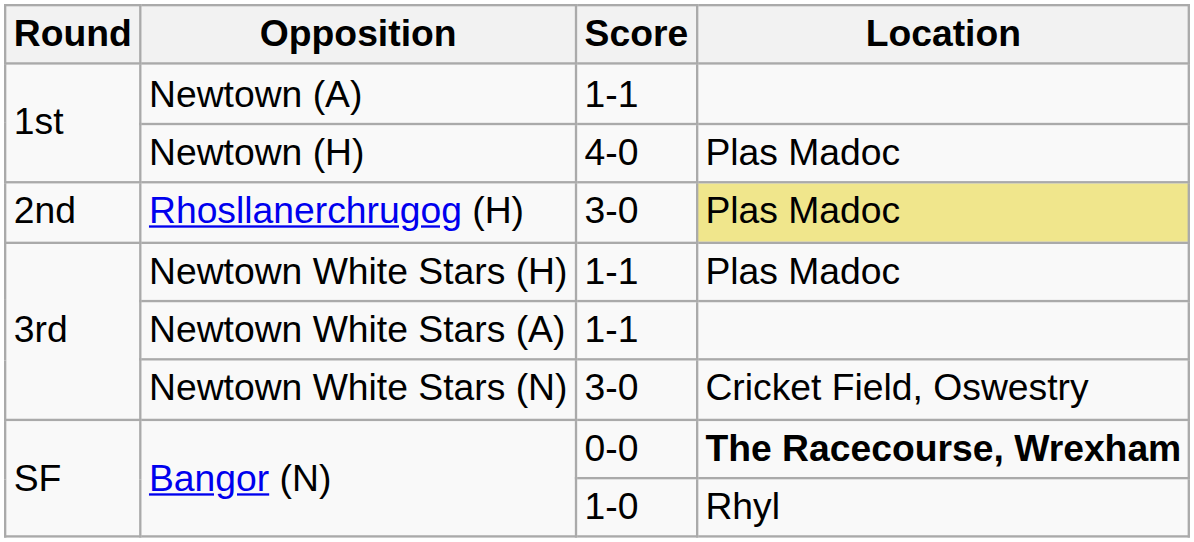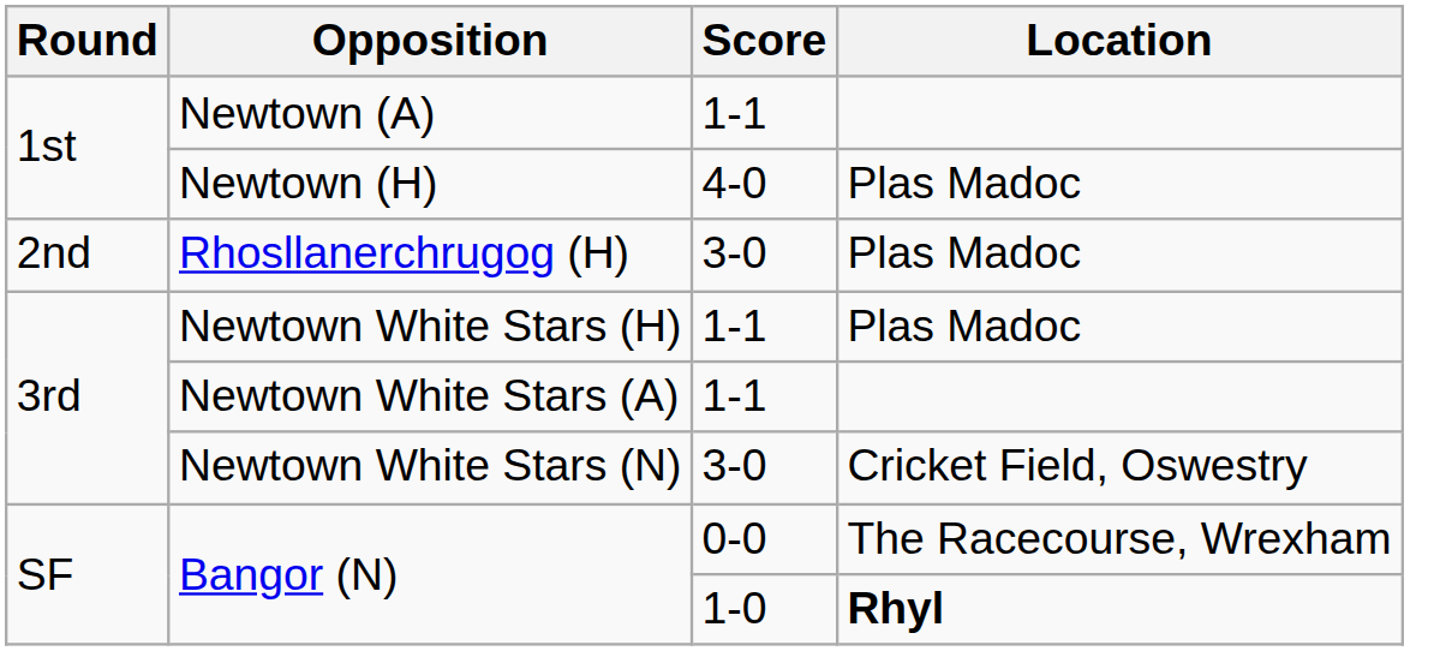 <table class="wikitable">
 <tr>
 <th>Round</th>
 <th>Opposition</th>
 <th>Score</th>
 <th>Location</th>
 </tr>
 <tr>
 <td rowspan="2">1st</td>
 <td>Newtown (A)</td>
 <td>1-1</td>
 <td></td>
 </tr>
 <tr>
 <td>Newtown (H)</td>
 <td>4-0</td>
 <td>Plas Madoc</td>
 </tr>
 <tr>
 <td>2nd</td>
 <td><a href='#'>Rhosllanerchrugog</a> (H)</td>
 <td>3-0</td>
-<td style="background: khaki;">Plas Madoc</td>
+<td>Plas Madoc</td>
 </tr>
 <tr>
 <td rowspan="3">3rd</td>
 <td>Newtown White Stars (H)</td>
 <td>1-1</td>
 <td>Plas Madoc</td>
 </tr>
 <tr>
 <td>Newtown White Stars (A)</td>
 <td>1-1</td>
 <td></td>
 </tr>
 <tr>
 <td>Newtown White Stars (N)</td>
 <td>3-0</td>
 <td>Cricket Field, Oswestry</td>
 </tr>
 <tr>
 <td rowspan="2">SF</td>
 <td rowspan="2"><a href='#'>Bangor</a> (N)</td>
 <td>0-0</td>
-<td><strong>The Racecourse, Wrexham</strong></td>
+<td>The Racecourse, Wrexham</td>
 </tr>
 <tr>
 <td>1-0</td>
-<td>Rhyl</td>
+<td><strong>Rhyl</strong></td>
 </tr>
 </table>
